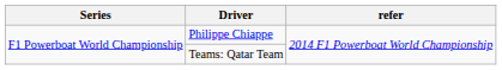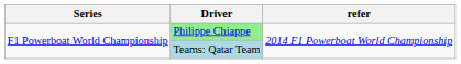 <table class="wikitable" style="font-size: 87%;">
 <tr>
 <th>Series</th>
 <th>Driver</th>
 <th>refer</th>
 </tr>
 <tr>
 <td rowspan=2><a href='#'>F1 Powerboat World Championship</a></td>
-<td> <a href='#'>Philippe Chiappe</a></td>
+<td style="background: lightgreen;"> <a href='#'>Philippe Chiappe</a></td>
 <td rowspan=2><em><a href='#'>2014 F1 Powerboat World Championship</a></em></td>
 </tr>
 <tr>
-<td>Teams:  Qatar Team</td>
+<td style="background: lightblue;">Teams:  Qatar Team</td>
 </tr>
 </table>
